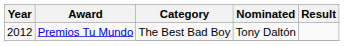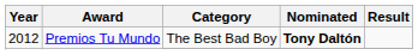 <table class="wikitable" style="font-size: 95%;">
 <tr align="center">
 <th>Year</th>
 <th scope="col">Award</th>
 <th scope="col">Category</th>
 <th scope="col">Nominated</th>
 <th scope="col">Result</th>
 </tr>
 <tr>
 <td rowspan="10">2012</td>
 <td rowspan="10"><a href='#'>Premios Tu Mundo</a></td>
 <td>The Best Bad Boy</td>
-<td>Tony Daltón</td>
+<td><strong>Tony Daltón</strong></td>
 <td></td>
 </tr>
 <tr>
 </tr>
 </table>
